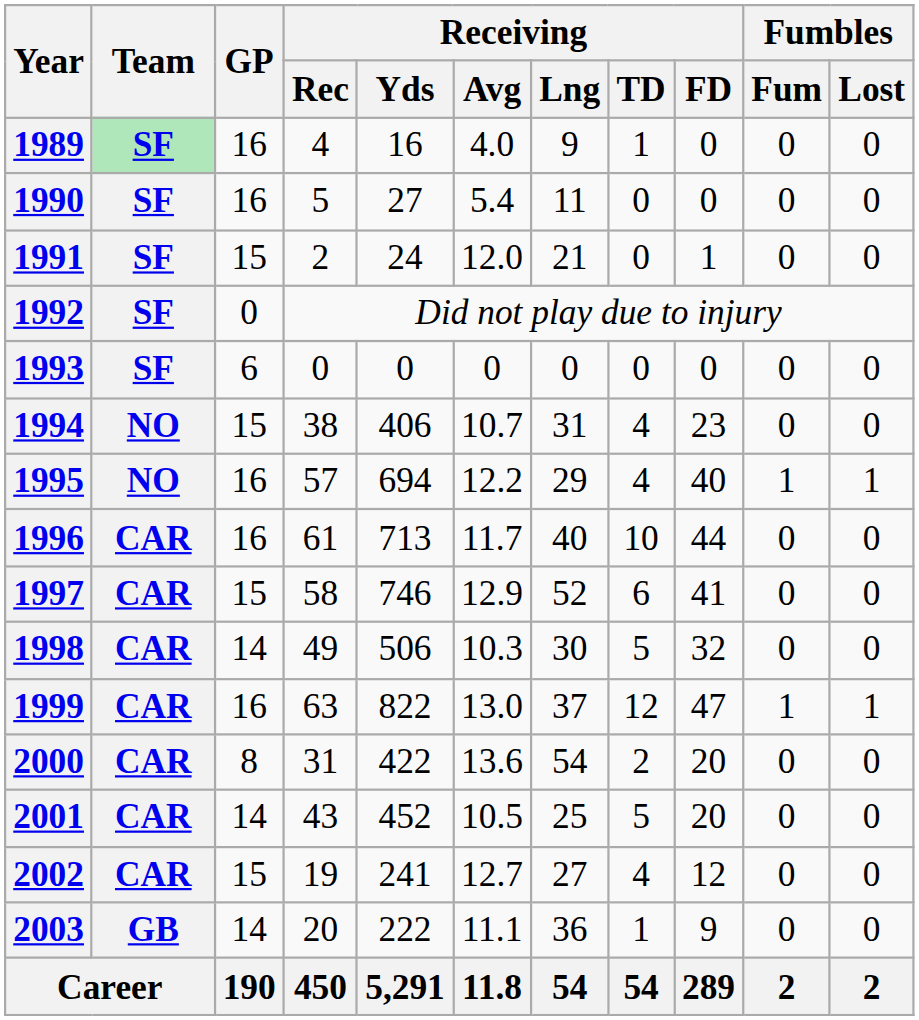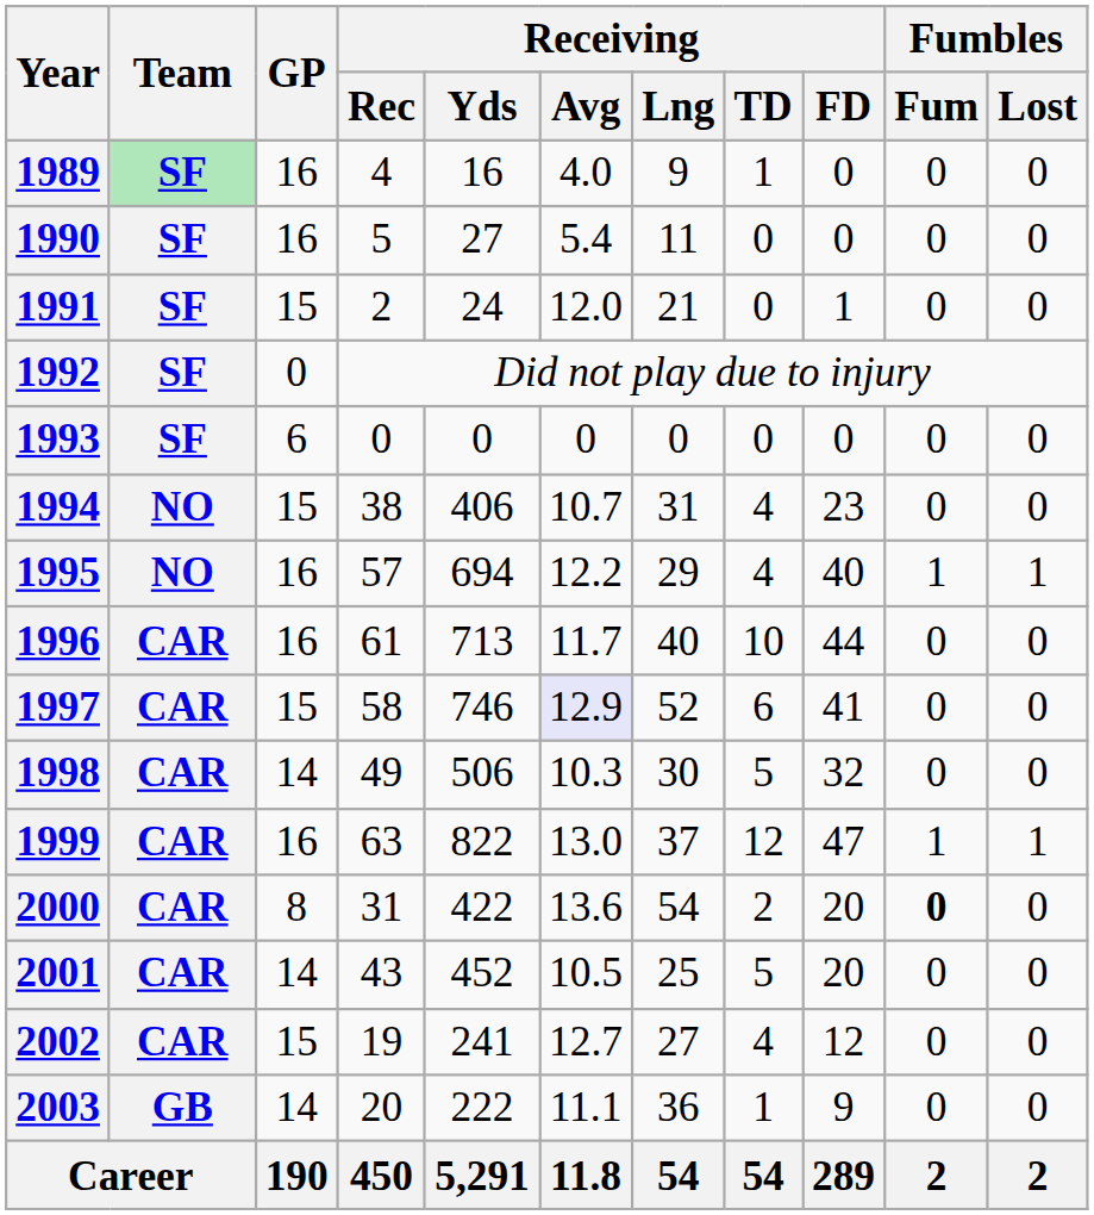 <table class="wikitable" style="text-align: center;">
 <tr>
 <th rowspan="2">Year</th>
 <th rowspan="2">Team</th>
 <th rowspan="2">GP</th>
 <th colspan="6">Receiving</th>
 <th colspan="2">Fumbles</th>
 </tr>
 <tr>
 <th>Rec</th>
 <th>Yds</th>
 <th>Avg</th>
 <th>Lng</th>
 <th>TD</th>
 <th>FD</th>
 <th>Fum</th>
 <th>Lost</th>
 </tr>
 <tr>
 <th><a href='#'>1989</a></th>
 <th style="background:#afe6ba; width:3em;"><a href='#'>SF</a></th>
 <td>16</td>
 <td>4</td>
 <td>16</td>
 <td>4.0</td>
 <td>9</td>
 <td>1</td>
 <td>0</td>
 <td>0</td>
 <td>0</td>
 </tr>
 <tr>
 <th><a href='#'>1990</a></th>
 <th><a href='#'>SF</a></th>
 <td>16</td>
 <td>5</td>
 <td>27</td>
 <td>5.4</td>
 <td>11</td>
 <td>0</td>
 <td>0</td>
 <td>0</td>
 <td>0</td>
 </tr>
 <tr>
 <th><a href='#'>1991</a></th>
 <th><a href='#'>SF</a></th>
 <td>15</td>
 <td>2</td>
 <td>24</td>
 <td>12.0</td>
 <td>21</td>
 <td>0</td>
 <td>1</td>
 <td>0</td>
 <td>0</td>
 </tr>
 <tr>
 <th><a href='#'>1992</a></th>
 <th><a href='#'>SF</a></th>
 <td>0</td>
 <td colspan="8"><em>Did not play due to injury</em></td>
 </tr>
 <tr>
 <th><a href='#'>1993</a></th>
 <th><a href='#'>SF</a></th>
 <td>6</td>
 <td>0</td>
 <td>0</td>
 <td>0</td>
 <td>0</td>
 <td>0</td>
 <td>0</td>
 <td>0</td>
 <td>0</td>
 </tr>
 <tr>
 <th><a href='#'>1994</a></th>
 <th><a href='#'>NO</a></th>
 <td>15</td>
 <td>38</td>
 <td>406</td>
 <td>10.7</td>
 <td>31</td>
 <td>4</td>
 <td>23</td>
 <td>0</td>
 <td>0</td>
 </tr>
 <tr>
 <th><a href='#'>1995</a></th>
 <th><a href='#'>NO</a></th>
 <td>16</td>
 <td>57</td>
 <td>694</td>
 <td>12.2</td>
 <td>29</td>
 <td>4</td>
 <td>40</td>
 <td>1</td>
 <td>1</td>
 </tr>
 <tr>
 <th><a href='#'>1996</a></th>
 <th><a href='#'>CAR</a></th>
 <td>16</td>
 <td>61</td>
 <td>713</td>
 <td>11.7</td>
 <td>40</td>
 <td>10</td>
 <td>44</td>
 <td>0</td>
 <td>0</td>
 </tr>
 <tr>
 <th><a href='#'>1997</a></th>
 <th><a href='#'>CAR</a></th>
 <td>15</td>
 <td>58</td>
 <td>746</td>
-<td>12.9</td>
+<td style="background: lavender;">12.9</td>
 <td>52</td>
 <td>6</td>
 <td>41</td>
 <td>0</td>
 <td>0</td>
 </tr>
 <tr>
 <th><a href='#'>1998</a></th>
 <th><a href='#'>CAR</a></th>
 <td>14</td>
 <td>49</td>
 <td>506</td>
 <td>10.3</td>
 <td>30</td>
 <td>5</td>
 <td>32</td>
 <td>0</td>
 <td>0</td>
 </tr>
 <tr>
 <th><a href='#'>1999</a></th>
 <th><a href='#'>CAR</a></th>
 <td>16</td>
 <td>63</td>
 <td>822</td>
 <td>13.0</td>
 <td>37</td>
 <td>12</td>
 <td>47</td>
 <td>1</td>
 <td>1</td>
 </tr>
 <tr>
 <th><a href='#'>2000</a></th>
 <th><a href='#'>CAR</a></th>
 <td>8</td>
 <td>31</td>
 <td>422</td>
 <td>13.6</td>
 <td>54</td>
 <td>2</td>
 <td>20</td>
-<td>0</td>
+<td><strong>0</strong></td>
 <td>0</td>
 </tr>
 <tr>
 <th><a href='#'>2001</a></th>
 <th><a href='#'>CAR</a></th>
 <td>14</td>
 <td>43</td>
 <td>452</td>
 <td>10.5</td>
 <td>25</td>
 <td>5</td>
 <td>20</td>
 <td>0</td>
 <td>0</td>
 </tr>
 <tr>
 <th><a href='#'>2002</a></th>
 <th><a href='#'>CAR</a></th>
 <td>15</td>
 <td>19</td>
 <td>241</td>
 <td>12.7</td>
 <td>27</td>
 <td>4</td>
 <td>12</td>
 <td>0</td>
 <td>0</td>
 </tr>
 <tr>
 <th><a href='#'>2003</a></th>
 <th><a href='#'>GB</a></th>
 <td>14</td>
 <td>20</td>
 <td>222</td>
 <td>11.1</td>
 <td>36</td>
 <td>1</td>
 <td>9</td>
 <td>0</td>
 <td>0</td>
 </tr>
 <tr>
 <th colspan="2">Career</th>
 <th>190</th>
 <th>450</th>
 <th>5,291</th>
 <th>11.8</th>
 <th>54</th>
 <th>54</th>
 <th>289</th>
 <th>2</th>
 <th>2</th>
 </tr>
 </table>
